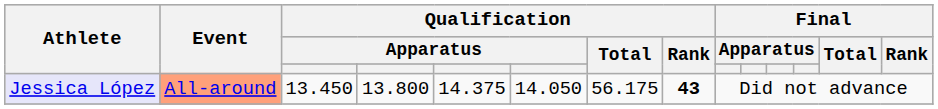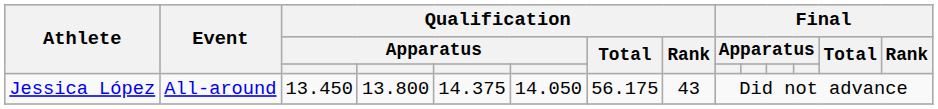 <table class="wikitable" style="font-size:90%">
 <tr>
 <th rowspan=3>Athlete</th>
 <th rowspan=3>Event</th>
 <th colspan=6>Qualification</th>
 <th colspan=6>Final</th>
 </tr>
 <tr style="font-size:95%">
 <th colspan=4>Apparatus</th>
 <th rowspan=2>Total</th>
 <th rowspan=2>Rank</th>
 <th colspan=4>Apparatus</th>
 <th rowspan=2>Total</th>
 <th rowspan=2>Rank</th>
 </tr>
 <tr style="font-size:95%">
 <th></th>
 <th></th>
 <th></th>
 <th></th>
 <th></th>
 <th></th>
 <th></th>
 <th></th>
 </tr>
 <tr align=center>
-<td align=left style="background: lavender;"><a href='#'>Jessica López</a></td>
-<td align=left style="background: lightsalmon;"><a href='#'>All-around</a></td>
+<td align=left><a href='#'>Jessica López</a></td>
+<td align=left><a href='#'>All-around</a></td>
 <td>13.450</td>
 <td>13.800</td>
 <td>14.375</td>
 <td>14.050</td>
 <td>56.175</td>
-<td><strong>43</strong></td>
+<td>43</td>
 <td colspan=6>Did not advance</td>
 </tr>
 </table>
